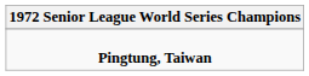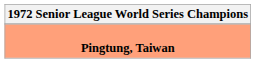 <table class="wikitable" style="text-align: center; margin: 0 auto;">
 <tr>
 <th>1972 Senior League World Series Champions</th>
 </tr>
 <tr>
 </tr>
 <tr>
-<td><br><strong>Pingtung, Taiwan</strong></td>
+<td style="background: lightsalmon;"><br><strong>Pingtung, Taiwan</strong></td>
 </tr>
 </table>
